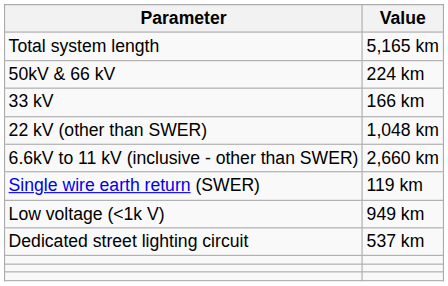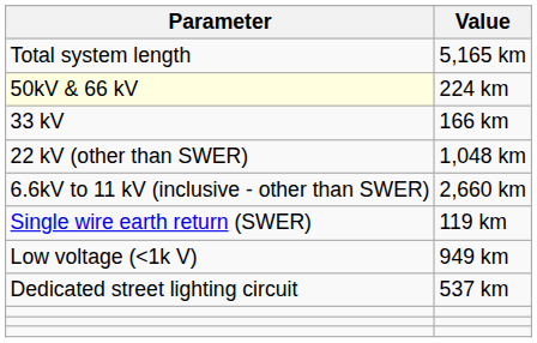 <table class="wikitable">
 <tr>
 </tr>
 <tr>
 <th>Parameter</th>
 <th>Value</th>
 </tr>
 <tr>
 <td>Total system length</td>
 <td>5,165 km</td>
 </tr>
 <tr>
-<td>50kV & 66 kV</td>
+<td style="background: lightyellow;">50kV & 66 kV</td>
 <td>224 km</td>
 </tr>
 <tr>
 <td>33 kV</td>
 <td>166 km</td>
 </tr>
 <tr>
 <td>22 kV (other than SWER)</td>
 <td>1,048 km</td>
 </tr>
 <tr>
 <td>6.6kV to 11 kV (inclusive - other than SWER)</td>
 <td>2,660 km</td>
 </tr>
 <tr>
 <td><a href='#'>Single wire earth return</a> (SWER)</td>
 <td>119 km</td>
 </tr>
 <tr>
 <td>Low voltage (<1k V)</td>
 <td>949 km</td>
 </tr>
 <tr>
 <td>Dedicated street lighting circuit</td>
 <td>537 km</td>
 </tr>
 <tr>
 <td></td>
 <td></td>
 </tr>
 <tr>
 <td></td>
 <td></td>
 </tr>
 <tr>
 <td></td>
 <td></td>
 </tr>
 </table>
